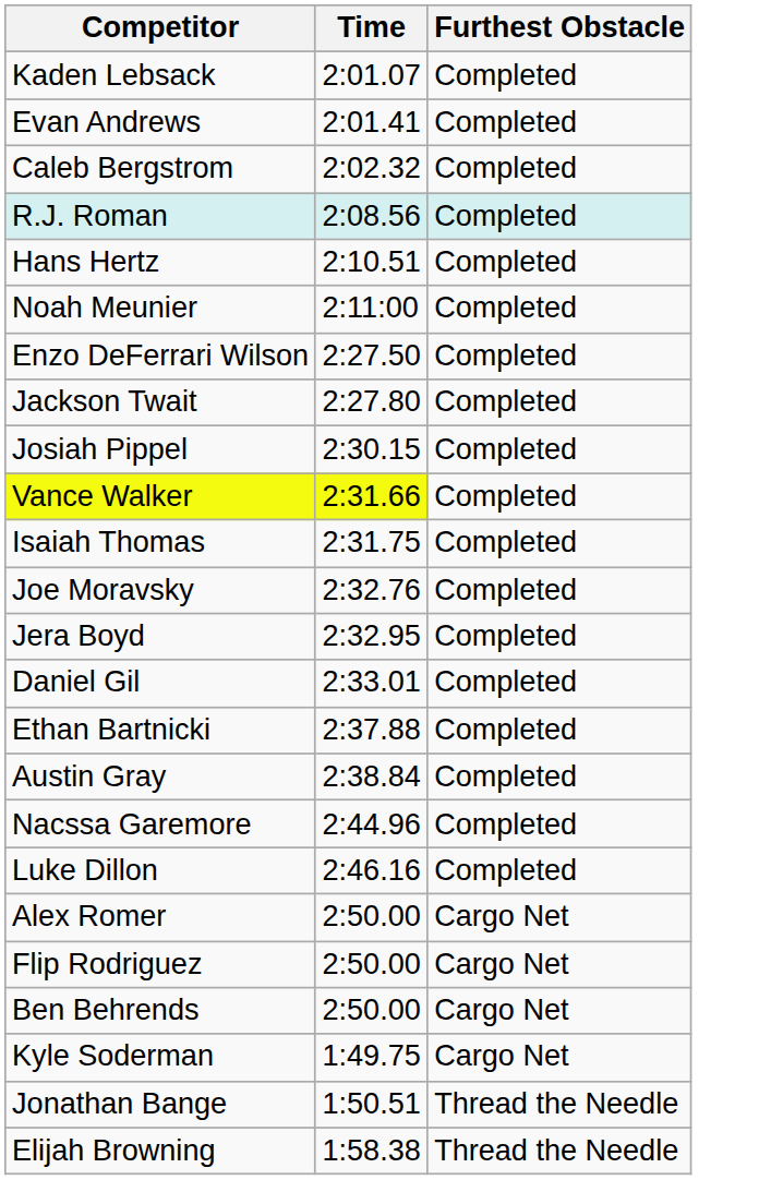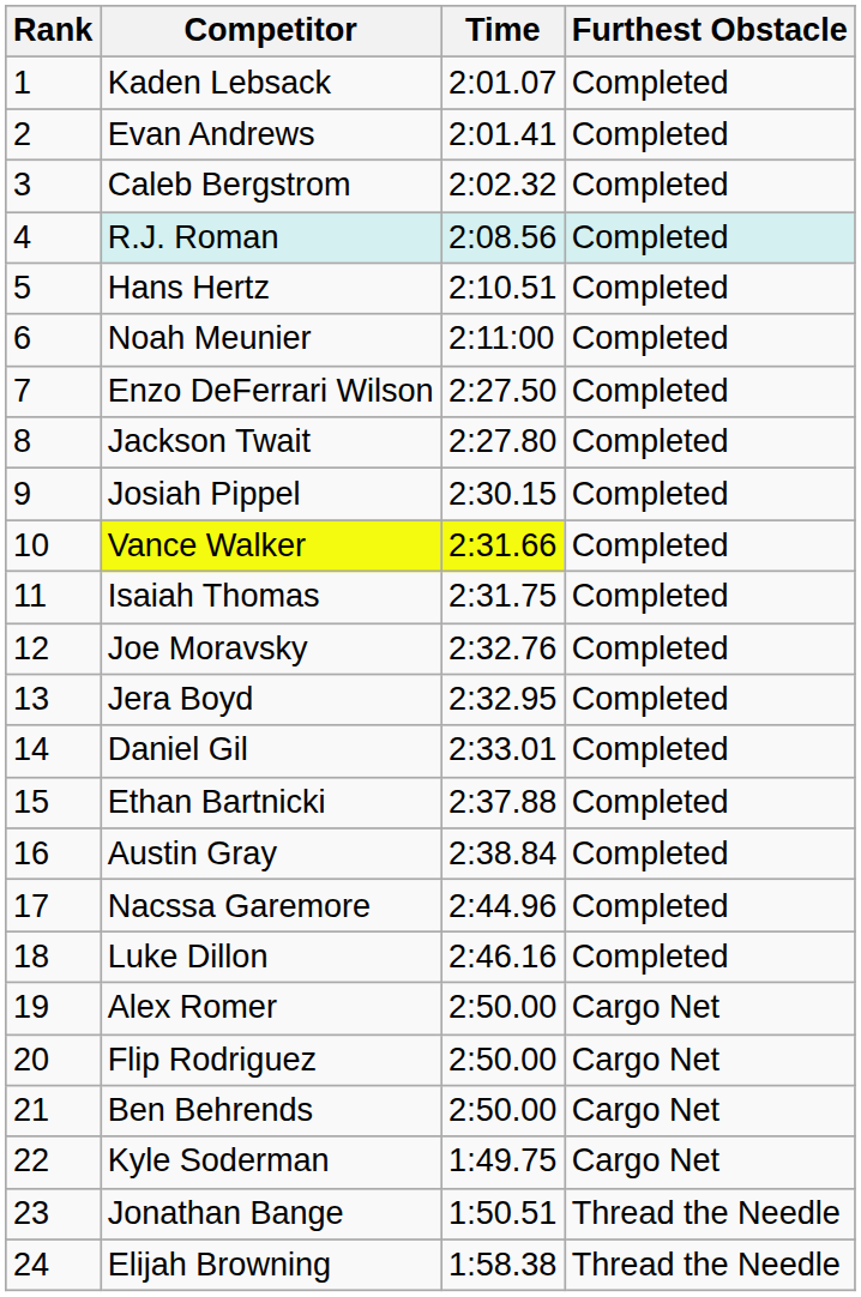 <table class="wikitable sortable mw-collapsible">
 <tr>
+<th>Rank</th>
 <th>Competitor</th>
 <th>Time</th>
 <th>Furthest Obstacle</th>
 </tr>
 <tr>
+<td>1</td>
 <td>Kaden Lebsack</td>
 <td>2:01.07</td>
 <td>Completed</td>
 </tr>
 <tr>
+<td>2</td>
 <td>Evan Andrews</td>
 <td>2:01.41</td>
 <td>Completed</td>
 </tr>
 <tr>
+<td>3</td>
 <td>Caleb Bergstrom</td>
 <td>2:02.32</td>
 <td>Completed</td>
 </tr>
 <tr>
+<td>4</td>
 <td style="background-color:#D4F0F0">R.J. Roman</td>
 <td style="background-color:#D4F0F0">2:08.56</td>
 <td style="background-color:#D4F0F0">Completed</td>
 </tr>
 <tr>
+<td>5</td>
 <td>Hans Hertz</td>
 <td>2:10.51</td>
 <td>Completed</td>
 </tr>
 <tr>
+<td>6</td>
 <td>Noah Meunier</td>
 <td>2:11:00</td>
 <td>Completed</td>
 </tr>
 <tr>
+<td>7</td>
 <td>Enzo DeFerrari Wilson</td>
 <td>2:27.50</td>
 <td>Completed</td>
 </tr>
 <tr>
+<td>8</td>
 <td>Jackson Twait</td>
 <td>2:27.80</td>
 <td>Completed</td>
 </tr>
 <tr>
+<td>9</td>
 <td>Josiah Pippel</td>
 <td>2:30.15</td>
 <td>Completed</td>
 </tr>
 <tr>
+<td>10</td>
 <td style="background-color:#F4FB0E">Vance Walker</td>
 <td style="background-color:#F4FB0E">2:31.66</td>
 <td>Completed</td>
 </tr>
 <tr>
+<td>11</td>
 <td>Isaiah Thomas</td>
 <td>2:31.75</td>
 <td>Completed</td>
 </tr>
 <tr>
+<td>12</td>
 <td>Joe Moravsky</td>
 <td>2:32.76</td>
 <td>Completed</td>
 </tr>
 <tr>
+<td>13</td>
 <td>Jera Boyd</td>
 <td>2:32.95</td>
 <td>Completed</td>
 </tr>
 <tr>
+<td>14</td>
 <td>Daniel Gil</td>
 <td>2:33.01</td>
 <td>Completed</td>
 </tr>
 <tr>
+<td>15</td>
 <td>Ethan Bartnicki</td>
 <td>2:37.88</td>
 <td>Completed</td>
 </tr>
 <tr>
+<td>16</td>
 <td>Austin Gray</td>
 <td>2:38.84</td>
 <td>Completed</td>
 </tr>
 <tr>
+<td>17</td>
 <td>Nacssa Garemore</td>
 <td>2:44.96</td>
 <td>Completed</td>
 </tr>
 <tr>
+<td>18</td>
 <td>Luke Dillon</td>
 <td>2:46.16</td>
 <td>Completed</td>
 </tr>
 <tr>
+<td>19</td>
 <td>Alex Romer</td>
 <td>2:50.00</td>
 <td>Cargo Net</td>
 </tr>
 <tr>
+<td>20</td>
 <td>Flip Rodriguez</td>
 <td>2:50.00</td>
 <td>Cargo Net</td>
 </tr>
 <tr>
+<td>21</td>
 <td>Ben Behrends</td>
 <td>2:50.00</td>
 <td>Cargo Net</td>
 </tr>
 <tr>
+<td>22</td>
 <td>Kyle Soderman</td>
 <td>1:49.75</td>
 <td>Cargo Net</td>
 </tr>
 <tr>
+<td>23</td>
 <td>Jonathan Bange</td>
 <td>1:50.51</td>
 <td>Thread the Needle</td>
 </tr>
 <tr>
+<td>24</td>
 <td>Elijah Browning</td>
 <td>1:58.38</td>
 <td>Thread the Needle</td>
 </tr>
 </table>
